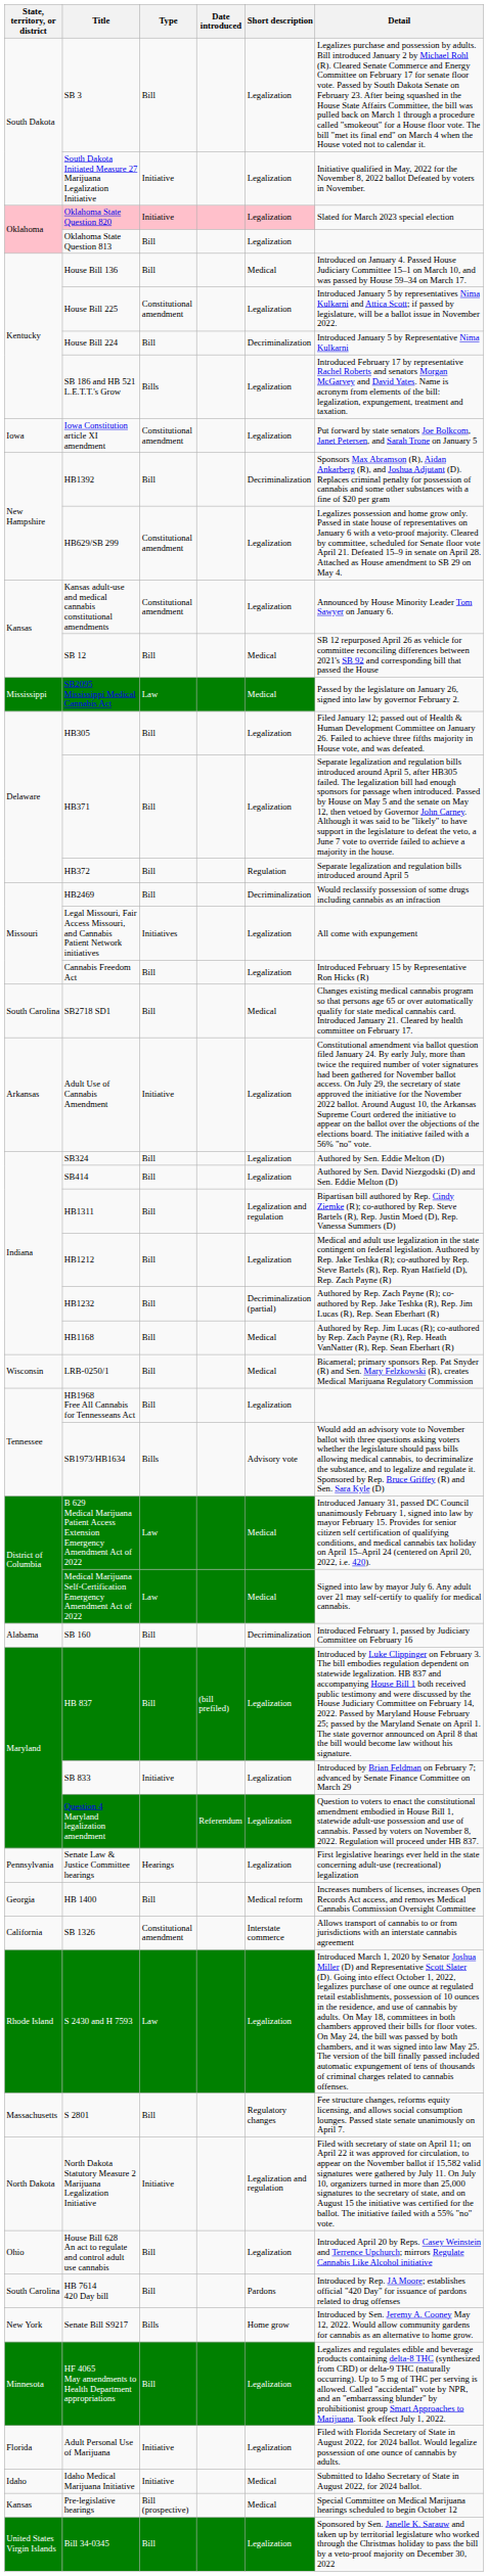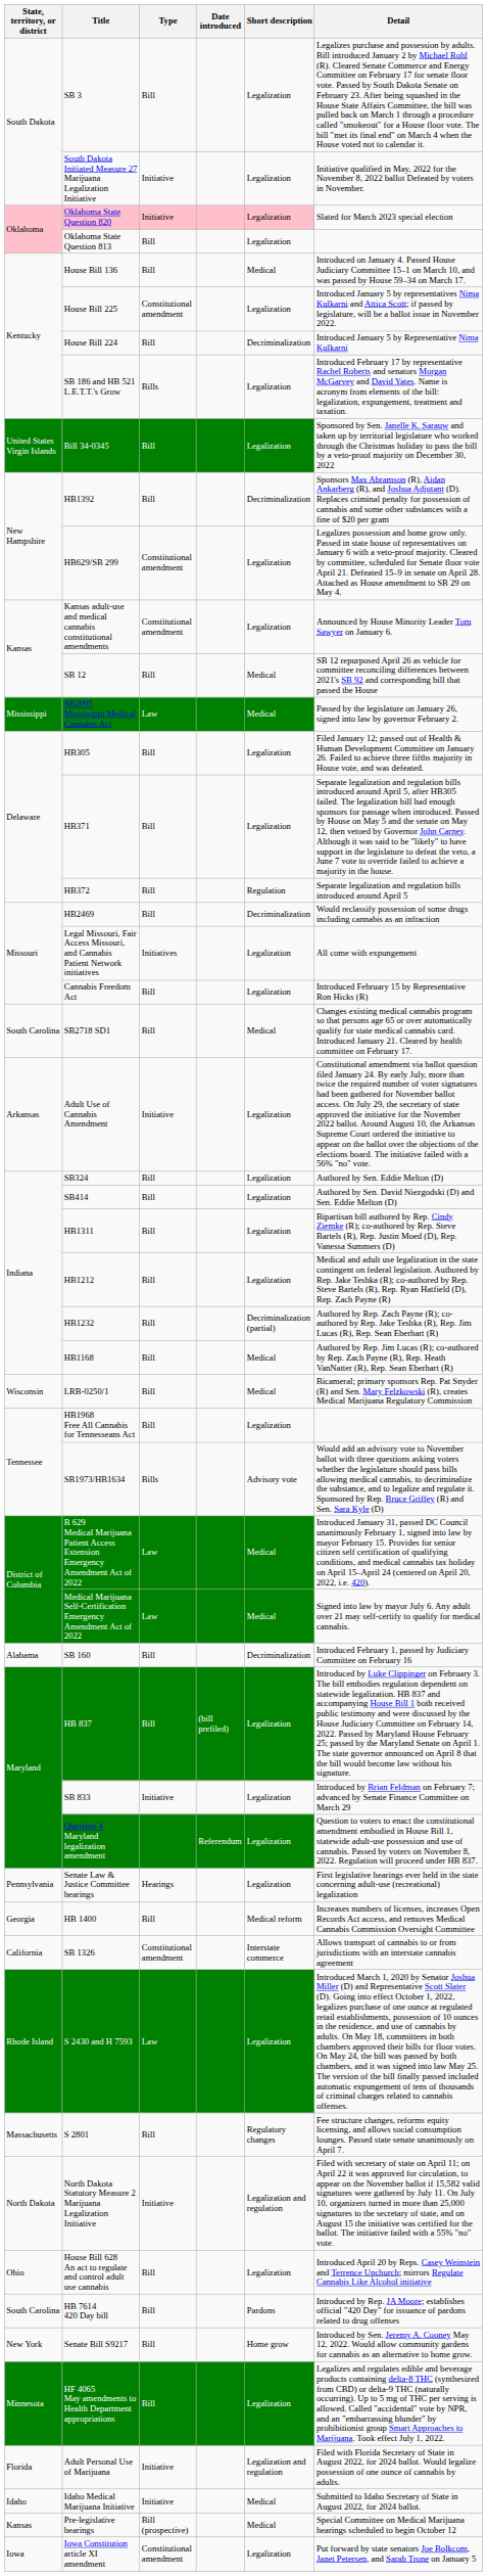 <table class="wikitable sortable">
 <tr>
 <th scope="col">State, territory, or district</th>
 <th scope="col">Title</th>
 <th scope="col">Type</th>
 <th scope="col">Date introduced</th>
 <th scope="col">Short description</th>
 <th scope="col" class="unsortable">Detail</th>
 </tr>
 <tr>
 <td rowspan="2">South Dakota</td>
 <td>SB 3</td>
 <td>Bill</td>
 <td></td>
 <td>Legalization</td>
 <td>Legalizes purchase and possession by adults. Bill introduced January 2 by <a href='#'>Michael Rohl</a> (R). Cleared Senate Commerce and Energy Committee on February 17 for senate floor vote. Passed by South Dakota Senate on February 23. After being squashed in the House State Affairs Committee, the bill was pulled back on March 1 through a procedure called "smokeout" for a House floor vote. The bill "met its final end" on March 4 when the House voted not to calendar it.</td>
 </tr>
 <tr>
 <td><a href='#'>South Dakota Initiated Measure 27</a><br>Marijuana Legalization Initiative</td>
 <td>Initiative</td>
 <td></td>
 <td>Legalization</td>
 <td>Initiative qualified in May, 2022 for the November 8, 2022 ballot Defeated by voters in November.</td>
 </tr>
 <tr>
 <td style="background: pink; color: black;" rowspan="2">Oklahoma</td>
 <td style="background: pink; color: black;"><a href='#'>Oklahoma State Question 820</a></td>
 <td style="background: pink; color: black;">Initiative</td>
 <td style="background: pink; color: black;"></td>
 <td style="background: pink; color: black;">Legalization</td>
 <td>Slated for March 2023 special election</td>
 </tr>
 <tr>
 <td>Oklahoma State Question 813</td>
 <td>Bill</td>
 <td></td>
 <td>Legalization</td>
 <td></td>
 </tr>
 <tr>
 <td rowspan="4">Kentucky</td>
 <td>House Bill 136</td>
 <td>Bill</td>
 <td></td>
 <td>Medical</td>
 <td>Introduced on January 4. Passed House Judiciary Committee 15–1 on March 10, and was passed by House 59–34 on March 17.</td>
 </tr>
 <tr>
 <td>House Bill 225</td>
 <td>Constitutional amendment</td>
 <td></td>
 <td>Legalization</td>
 <td>Introduced January 5 by representatives <a href='#'>Nima Kulkarni</a> and <a href='#'>Attica Scott</a>; if passed by legislature, will be a ballot issue in November 2022.</td>
 </tr>
 <tr>
 <td>House Bill 224</td>
 <td>Bill</td>
 <td></td>
 <td>Decriminalization</td>
 <td>Introduced January 5 by Representative <a href='#'>Nima Kulkarni</a></td>
 </tr>
 <tr>
 <td>SB 186 and HB 521<br>L.E.T.T.'s Grow</td>
 <td>Bills</td>
 <td></td>
 <td>Legalization</td>
 <td>Introduced February 17 by representative <a href='#'>Rachel Roberts</a> and senators <a href='#'>Morgan McGarvey</a> and <a href='#'>David Yates</a>. Name is acronym from elements of the bill: legalization, expungement, treatment and taxation.</td>
 </tr>
 <tr>
-<td>Iowa</td>
-<td><a href='#'>Iowa Constitution</a> article XI amendment</td>
-<td>Constitutional amendment</td>
-<td></td>
-<td>Legalization</td>
-<td>Put forward by state senators <a href='#'>Joe Bolkcom</a>, <a href='#'>Janet Petersen</a>, and <a href='#'>Sarah Trone</a> on January 5</td>
+<td style="background: green; color: white;">United States Virgin Islands</td>
+<td style="background: green; color: white;">Bill 34-0345</td>
+<td style="background: green; color: white;">Bill</td>
+<td style="background: green; color: white;"></td>
+<td style="background: green; color: white;">Legalization</td>
+<td>Sponsored by Sen. <a href='#'>Janelle K. Sarauw</a> and taken up by territorial legislature who worked through the Christmas holiday to pass the bill by a veto-proof majority on December 30, 2022</td>
 </tr>
 <tr>
 <td rowspan="2">New Hampshire</td>
 <td>HB1392</td>
 <td>Bill</td>
 <td></td>
 <td>Decriminalization</td>
 <td>Sponsors <a href='#'>Max Abramson</a> (R), <a href='#'>Aidan Ankarberg</a> (R), and <a href='#'>Joshua Adjutant</a> (D). Replaces criminal penalty for possession of cannabis and some other substances with a fine of $20 per gram</td>
 </tr>
 <tr>
 <td>HB629/SB 299</td>
 <td>Constitutional amendment</td>
 <td></td>
 <td>Legalization</td>
 <td>Legalizes possession and home grow only. Passed in state house of representatives on January 6 with a veto-proof majority. Cleared by committee, scheduled for Senate floor vote April 21. Defeated 15–9 in senate on April 28. Attached as House amendment to SB 29 on May 4.</td>
 </tr>
 <tr>
 <td rowspan="2">Kansas</td>
 <td>Kansas adult-use and medical cannabis constitutional amendments</td>
 <td>Constitutional amendment</td>
 <td></td>
 <td>Legalization</td>
 <td>Announced by House Minority Leader <a href='#'>Tom Sawyer</a> on January 6.</td>
 </tr>
 <tr>
 <td>SB 12</td>
 <td>Bill</td>
 <td></td>
 <td>Medical</td>
 <td>SB 12 repurposed  April 26 as vehicle for committee reconciling differences between 2021's <a href='#'>SB 92</a> and corresponding bill that passed the House</td>
 </tr>
 <tr>
 <td style="background: green; color: white;">Mississippi</td>
 <td style="background: green; color: white;"><a href='#'>SB2095<br>Mississippi Medical Cannabis Act</a></td>
 <td style="background: green; color: white;">Law</td>
 <td style="background: green; color: white;"></td>
 <td style="background: green; color: white;">Medical</td>
 <td>Passed by the legislature on January 26, signed into law by governor February 2.</td>
 </tr>
 <tr>
 <td rowspan="3">Delaware</td>
 <td>HB305</td>
 <td>Bill</td>
 <td></td>
 <td>Legalization</td>
 <td>Filed January 12; passed out of Health & Human Development Committee on January 26. Failed to achieve three fifths majority in House vote, and was defeated.</td>
 </tr>
 <tr>
 <td>HB371</td>
 <td>Bill</td>
 <td></td>
 <td>Legalization</td>
 <td>Separate legalization and regulation bills introduced around April 5, after HB305 failed. The legalization bill had enough sponsors for passage when introduced. Passed by House on May 5 and the senate on May 12, then vetoed by Governor <a href='#'>John Carney</a>. Although it was said to be "likely" to have support in the legislature to defeat the veto, a June 7 vote to override failed to achieve a majority in the house.</td>
 </tr>
 <tr>
 <td>HB372</td>
 <td>Bill</td>
 <td></td>
 <td>Regulation</td>
 <td>Separate legalization and regulation bills introduced around April 5</td>
 </tr>
 <tr>
 <td rowspan="3">Missouri</td>
 <td>HB2469</td>
 <td>Bill</td>
 <td></td>
 <td>Decriminalization</td>
 <td>Would reclassify possession of some drugs including cannabis as an infraction</td>
 </tr>
 <tr>
 <td>Legal Missouri, Fair Access Missouri, and Cannabis Patient Network initiatives</td>
 <td>Initiatives</td>
 <td></td>
 <td>Legalization</td>
 <td>All come with expungement</td>
 </tr>
 <tr>
 <td>Cannabis Freedom Act</td>
 <td>Bill</td>
 <td></td>
 <td>Legalization</td>
 <td>Introduced February 15 by Representative Ron Hicks (R)</td>
 </tr>
 <tr>
 <td>South Carolina</td>
 <td>SB2718 SD1</td>
 <td>Bill</td>
 <td></td>
 <td>Medical</td>
 <td>Changes existing medical cannabis program so that persons age 65 or over automatically qualify for state medical cannabis card. Introduced January 21. Cleared by health committee on February 17.</td>
 </tr>
 <tr>
 <td>Arkansas</td>
 <td>Adult Use of Cannabis Amendment</td>
 <td>Initiative</td>
 <td></td>
 <td>Legalization</td>
 <td>Constitutional amendment via ballot question filed January 24. By early July, more than twice the required number of voter signatures had been gathered for November ballot access. On July 29, the secretary of state approved the initiative for the November 2022 ballot. Around August 10, the Arkansas Supreme Court ordered the initiative to appear on the ballot over the objections of the elections board. The initiative failed with a 56% "no" vote.</td>
 </tr>
 <tr>
 <td rowspan="6">Indiana</td>
 <td>SB324</td>
 <td>Bill</td>
 <td></td>
 <td>Legalization</td>
 <td>Authored by Sen. Eddie Melton (D)</td>
 </tr>
 <tr>
 <td>SB414</td>
 <td>Bill</td>
 <td></td>
 <td>Legalization</td>
 <td>Authored by Sen. David Niezgodski (D) and Sen. Eddie Melton (D)</td>
 </tr>
 <tr>
 <td>HB1311</td>
 <td>Bill</td>
 <td></td>
-<td>Legalization and regulation</td>
+<td>Legalization</td>
 <td>Bipartisan bill authored by Rep. <a href='#'>Cindy Ziemke</a> (R); co-authored by Rep. Steve Bartels (R), Rep. Justin Moed (D), Rep. Vanessa Summers (D)</td>
 </tr>
 <tr>
 <td>HB1212</td>
 <td>Bill</td>
 <td></td>
 <td>Legalization</td>
 <td>Medical and adult use legalization in the state contingent on federal legislation. Authored by Rep. Jake Teshka (R); co-authored by Rep. Steve Bartels (R), Rep. Ryan Hatfield (D), Rep. Zach Payne (R)</td>
 </tr>
 <tr>
 <td>HB1232</td>
 <td>Bill</td>
 <td></td>
 <td>Decriminalization (partial)</td>
 <td>Authored by Rep. Zach Payne (R); co-authored by Rep. Jake Teshka (R), Rep. Jim Lucas (R), Rep. Sean Eberhart (R)</td>
 </tr>
 <tr>
 <td>HB1168</td>
 <td>Bill</td>
 <td></td>
 <td>Medical</td>
 <td>Authored by Rep. Jim Lucas (R); co-authored by Rep. Zach Payne (R), Rep. Heath VanNatter (R), Rep. Sean Eberhart (R)</td>
 </tr>
 <tr>
 <td>Wisconsin</td>
 <td>LRB-0250/1</td>
 <td>Bill</td>
 <td></td>
 <td>Medical</td>
 <td>Bicameral; primary sponsors Rep. Pat Snyder (R) and Sen. <a href='#'>Mary Felzkowski</a> (R), creates Medical Marijuana Regulatory Commission</td>
 </tr>
 <tr>
 <td rowspan="2">Tennessee</td>
 <td>HB1968<br>Free All Cannabis for Tennesseans Act</td>
 <td>Bill</td>
 <td></td>
 <td>Legalization</td>
 <td></td>
 </tr>
 <tr>
 <td>SB1973/HB1634</td>
 <td>Bills</td>
 <td></td>
 <td>Advisory vote</td>
 <td>Would add an advisory vote to November ballot with three questions asking voters whether the legislature should pass bills allowing medical cannabis, to decriminalize the substance, and to legalize and regulate it. Sponsored by Rep. <a href='#'>Bruce Griffey</a> (R) and Sen. <a href='#'>Sara Kyle</a> (D)</td>
 </tr>
 <tr>
 <td rowspan="2" style="background: green; color: white;">District of Columbia</td>
 <td style="background: green; color: white;">B 629<br>Medical Marijuana Patient Access Extension Emergency Amendment Act of 2022</td>
 <td style="background: green; color: white;">Law</td>
 <td style="background: green; color: white;"></td>
 <td style="background: green; color: white;">Medical</td>
 <td>Introduced January 31, passed DC Council unanimously February 1, signed into law by mayor February 15. Provides for senior citizen self certification of qualifying conditions, and medical cannabis tax holiday on April 15–April 24 (centered on April 20, 2022, i.e. <a href='#'>420</a>).</td>
 </tr>
 <tr>
 <td style="background: green; color: white;">Medical Marijuana Self-Certification Emergency Amendment Act of 2022</td>
 <td style="background: green; color: white;">Law</td>
 <td style="background: green; color: white;"></td>
 <td style="background: green; color: white;">Medical</td>
 <td>Signed into law by mayor July 6. Any adult over 21 may self-certify to qualify for medical cannabis.</td>
 </tr>
 <tr>
 <td>Alabama</td>
 <td>SB 160</td>
 <td>Bill</td>
 <td></td>
 <td>Decriminalization</td>
 <td>Introduced February 1, passed by Judiciary Committee on February 16</td>
 </tr>
 <tr>
 <td rowspan="3" style="background: green; color: white;">Maryland</td>
 <td style="background: green; color: white;">HB 837</td>
 <td style="background: green; color: white;">Bill</td>
 <td style="background: green; color: white;"> (bill prefiled)</td>
 <td style="background: green; color: white;">Legalization</td>
 <td>Introduced by <a href='#'>Luke Clippinger</a> on February 3. The bill embodies regulation dependent on statewide legalization. HB 837 and accompanying <a href='#'>House Bill 1</a> both received public testimony and were discussed by the House Judiciary Committee on February 14, 2022. Passed by Maryland House February 25; passed by the Maryland Senate on April 1. The state governor announced on April 8 that the bill would become law without his signature.</td>
 </tr>
 <tr>
 <td>SB 833</td>
 <td>Initiative</td>
 <td></td>
 <td>Legalization</td>
 <td>Introduced by <a href='#'>Brian Feldman</a> on February 7; advanced by Senate Finance Committee on March 29</td>
 </tr>
 <tr>
 <td style="background: green; color: white;"><a href='#'>Question 4</a><br>Maryland legalization amendment</td>
 <td style="background: green; color: white;"></td>
 <td style="background: green; color: white;">Referendum</td>
 <td style="background: green; color: white;">Legalization</td>
 <td>Question to voters to enact the constitutional amendment embodied in House Bill 1, statewide adult-use possession and use of cannabis. Passed by voters on November 8, 2022. Regulation will proceed under HB 837.</td>
 </tr>
 <tr>
 <td>Pennsylvania</td>
 <td>Senate Law & Justice Committee hearings</td>
 <td>Hearings</td>
 <td></td>
 <td>Legalization</td>
 <td>First legislative hearings ever held in the state concerning adult-use (recreational) legalization</td>
 </tr>
 <tr>
 <td>Georgia</td>
 <td>HB 1400</td>
 <td>Bill</td>
 <td></td>
 <td>Medical reform</td>
 <td>Increases numbers of licenses, increases Open Records Act access, and removes Medical Cannabis Commission Oversight Committee</td>
 </tr>
 <tr>
 <td>California</td>
 <td>SB 1326</td>
 <td>Constitutional amendment</td>
 <td></td>
 <td>Interstate commerce</td>
 <td>Allows transport of cannabis to or from jurisdictions with an interstate cannabis agreement</td>
 </tr>
 <tr>
 <td style="background: green; color: white;">Rhode Island</td>
 <td style="background: green; color: white;">S 2430 and H 7593</td>
 <td style="background: green; color: white;">Law</td>
 <td style="background: green; color: white;"></td>
 <td style="background: green; color: white;">Legalization</td>
 <td>Introduced March 1, 2020 by Senator <a href='#'>Joshua Miller</a> (D) and Representative <a href='#'>Scott Slater</a> (D). Going into effect October 1, 2022, legalizes purchase of one ounce at regulated retail establishments, possession of 10 ounces in the residence, and use of cannabis by adults. On May 18, committees in both chambers approved their bills for floor votes. On May 24, the bill was passed by both chambers, and it was signed into law May 25. The version of the bill finally passed included automatic expungement of tens of thousands of criminal charges related to cannabis offenses.</td>
 </tr>
 <tr>
 <td>Massachusetts</td>
 <td>S 2801</td>
 <td>Bill</td>
 <td></td>
 <td>Regulatory changes</td>
 <td>Fee structure changes, reforms equity licensing, and allows social consumption lounges. Passed state senate unanimously on April 7.</td>
 </tr>
 <tr>
 <td>North Dakota</td>
 <td>North Dakota Statutory Measure 2<br>Marijuana Legalization Initiative</td>
 <td>Initiative</td>
 <td></td>
 <td>Legalization and regulation</td>
 <td>Filed with secretary of state on April 11; on April 22 it was approved for circulation, to appear on the November ballot if 15,582 valid signatures were gathered by July 11. On July 10, organizers turned in more than 25,000 signatures to the secretary of state, and  on August 15 the initiative was certified for the ballot.  The initiative failed with a 55% "no" vote.</td>
 </tr>
 <tr>
 <td>Ohio</td>
 <td>House Bill 628<br>An act to regulate and control adult use cannabis</td>
 <td>Bill</td>
 <td></td>
 <td>Legalization</td>
 <td>Introduced April 20 by Reps. <a href='#'>Casey Weinstein</a> and <a href='#'>Terrence Upchurch</a>; mirrors <a href='#'>Regulate Cannabis Like Alcohol initiative</a></td>
 </tr>
 <tr>
 <td>South Carolina</td>
 <td>HB 7614<br>420 Day bill</td>
 <td>Bill</td>
 <td></td>
 <td>Pardons</td>
 <td>Introduced by Rep. <a href='#'>JA Moore</a>; establishes official "420 Day" for issuance of pardons related to drug offenses</td>
 </tr>
 <tr>
 <td>New York</td>
 <td>Senate Bill S9217</td>
-<td>Bills</td>
+<td>Bill</td>
 <td></td>
 <td>Home grow</td>
 <td>Introduced by Sen. <a href='#'>Jeremy A. Cooney</a> May 12, 2022. Would allow community gardens for cannabis as an alternative to home grow.</td>
 </tr>
 <tr>
 <td style="background: green; color: white;">Minnesota</td>
 <td style="background: green; color: white;">HF 4065<br>May amendments to Health Department appropriations</td>
 <td style="background: green; color: white;">Bill</td>
 <td style="background: green; color: white;"></td>
 <td style="background: green; color: white;">Legalization</td>
 <td>Legalizes and regulates edible and beverage products containing <a href='#'>delta-8 THC</a> (synthesized from CBD) or delta-9 THC (naturally occurring). Up to 5 mg of THC per serving is allowed. Called "accidental" vote by NPR, and an "embarrassing blunder" by prohibitionist group <a href='#'>Smart Approaches to Marijuana</a>. Took effect July 1, 2022.</td>
 </tr>
 <tr>
 <td>Florida</td>
 <td>Adult Personal Use of Marijuana</td>
 <td>Initiative</td>
 <td></td>
-<td>Legalization</td>
+<td>Legalization and regulation</td>
 <td>Filed with Florida Secretary of State in August 2022, for 2024 ballot. Would legalize possession of one ounce of cannabis by adults.</td>
 </tr>
 <tr>
 <td>Idaho</td>
 <td>Idaho Medical Marijuana Initiative</td>
 <td>Initiative</td>
 <td></td>
 <td>Medical</td>
 <td>Submitted to Idaho Secretary of State in August 2022, for 2024 ballot.</td>
 </tr>
 <tr>
 <td>Kansas</td>
 <td>Pre-legislative hearings</td>
 <td>Bill (prospective)</td>
 <td></td>
 <td>Medical</td>
 <td>Special Committee on Medical Marijuana hearings scheduled to begin October 12</td>
 </tr>
 <tr>
-<td style="background: green; color: white;">United States Virgin Islands</td>
-<td style="background: green; color: white;">Bill 34-0345</td>
-<td style="background: green; color: white;">Bill</td>
-<td style="background: green; color: white;"></td>
-<td style="background: green; color: white;">Legalization</td>
-<td>Sponsored by Sen. <a href='#'>Janelle K. Sarauw</a> and taken up by territorial legislature who worked through the Christmas holiday to pass the bill by a veto-proof majority on December 30, 2022</td>
+<td>Iowa</td>
+<td><a href='#'>Iowa Constitution</a> article XI amendment</td>
+<td>Constitutional amendment</td>
+<td></td>
+<td>Legalization</td>
+<td>Put forward by state senators <a href='#'>Joe Bolkcom</a>, <a href='#'>Janet Petersen</a>, and <a href='#'>Sarah Trone</a> on January 5</td>
 </tr>
 </table>
